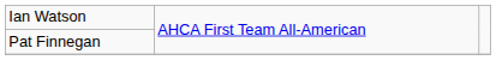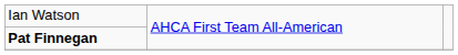 <table class="wikitable" width=40%>
 <tr>
 <td>Ian Watson</td>
 <td rowspan=2><a href='#'>AHCA First Team All-American</a></td>
 <td rowspan=2></td>
 </tr>
 <tr>
-<td>Pat Finnegan</td>
+<td><strong>Pat Finnegan</strong></td>
 </tr>
 <tr>
 </tr>
 </table>
